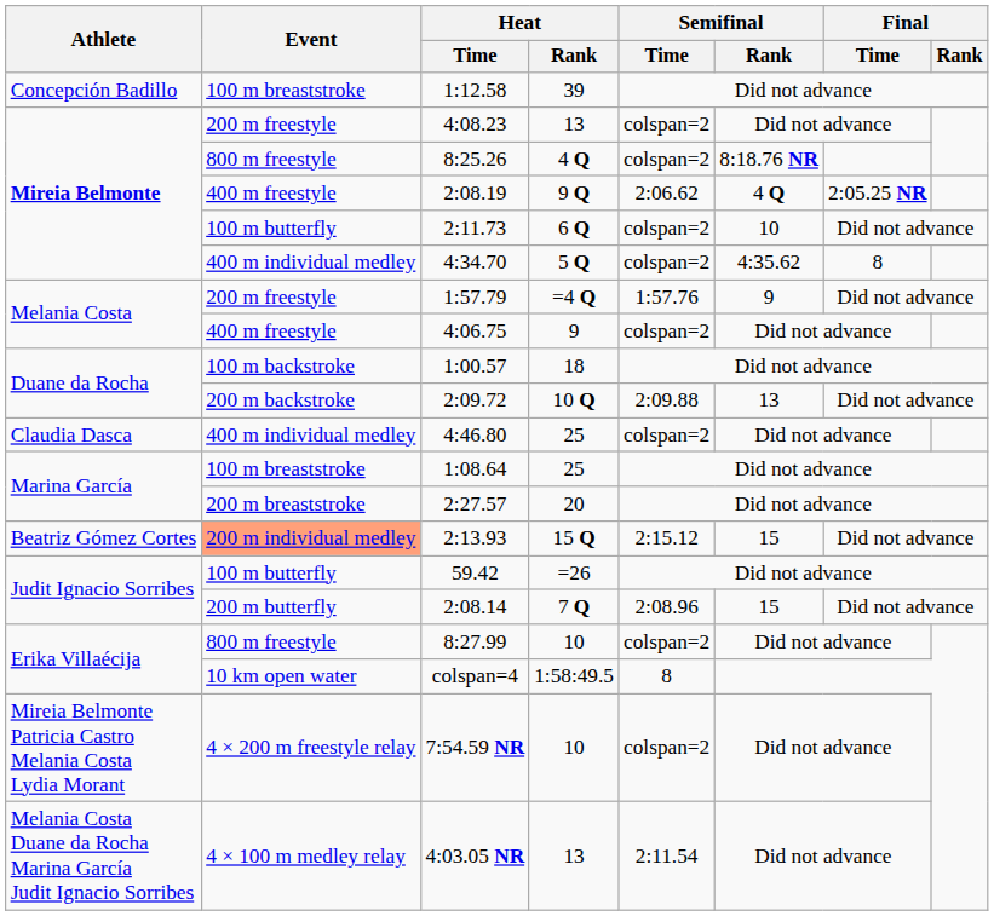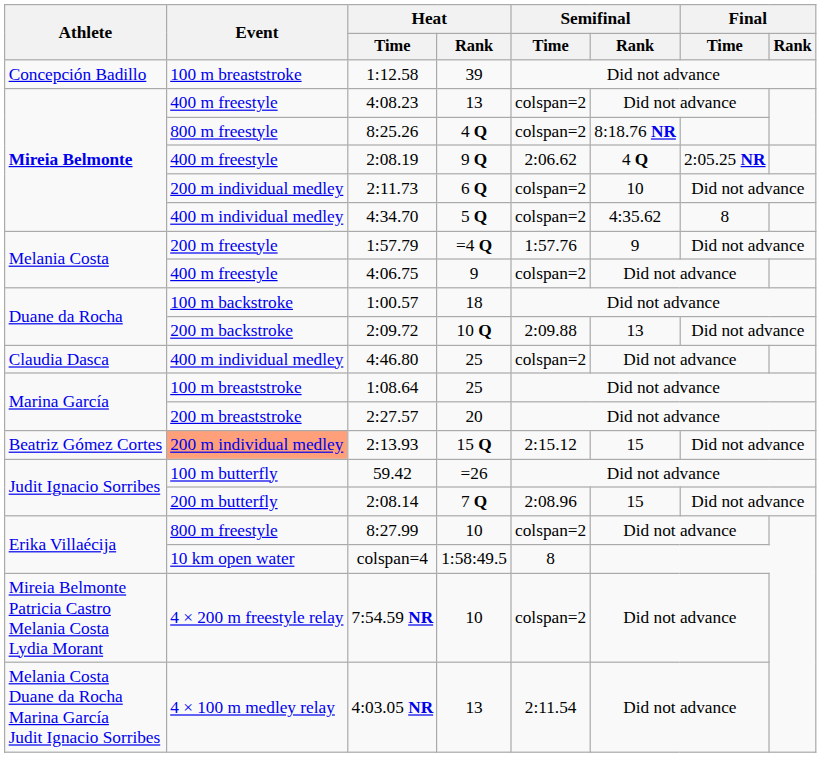 <table class=wikitable style="font-size:90%">
 <tr>
 <th rowspan="2">Athlete</th>
 <th rowspan="2">Event</th>
 <th colspan="2">Heat</th>
 <th colspan="2">Semifinal</th>
 <th colspan="2">Final</th>
 </tr>
 <tr style="font-size:95%">
 <th>Time</th>
 <th>Rank</th>
 <th>Time</th>
 <th>Rank</th>
 <th>Time</th>
 <th>Rank</th>
 </tr>
 <tr align=center>
 <td align=left><a href='#'>Concepción Badillo</a></td>
 <td align=left><a href='#'>100 m breaststroke</a></td>
 <td>1:12.58</td>
 <td>39</td>
 <td colspan=4>Did not advance</td>
 </tr>
 <tr align=center>
 <td align=left rowspan=5><strong><a href='#'>Mireia Belmonte</a></strong></td>
-<td align=left><a href='#'>200 m freestyle</a></td>
+<td align=left><a href='#'>400 m freestyle</a></td>
 <td>4:08.23</td>
 <td>13</td>
 <td>colspan=2 </td>
 <td colspan=2>Did not advance</td>
 </tr>
 <tr align=center>
 <td align=left><a href='#'>800 m freestyle</a></td>
 <td>8:25.26</td>
 <td>4 <strong>Q</strong></td>
 <td>colspan=2 </td>
 <td>8:18.76 <strong><a href='#'>NR</a></strong></td>
 <td></td>
 </tr>
 <tr align=center>
 <td align=left><a href='#'>400 m freestyle</a></td>
 <td>2:08.19</td>
 <td>9 <strong>Q</strong></td>
 <td>2:06.62</td>
 <td>4 <strong>Q</strong></td>
 <td>2:05.25 <strong><a href='#'>NR</a></strong></td>
 <td></td>
 </tr>
 <tr align=center>
-<td align=left><a href='#'>100 m butterfly</a></td>
+<td align=left><a href='#'>200 m individual medley</a></td>
 <td>2:11.73</td>
 <td>6 <strong>Q</strong></td>
 <td>colspan=2 </td>
 <td>10</td>
 <td colspan=2>Did not advance</td>
 </tr>
 <tr align=center>
 <td align=left><a href='#'>400 m individual medley</a></td>
 <td>4:34.70</td>
 <td>5 <strong>Q</strong></td>
 <td>colspan=2 </td>
 <td>4:35.62</td>
 <td>8</td>
 </tr>
 <tr align=center>
 <td align=left rowspan=2><a href='#'>Melania Costa</a></td>
 <td align=left><a href='#'>200 m freestyle</a></td>
 <td>1:57.79</td>
 <td>=4 <strong>Q</strong></td>
 <td>1:57.76</td>
 <td>9</td>
 <td colspan=2>Did not advance</td>
 </tr>
 <tr align=center>
 <td align=left><a href='#'>400 m freestyle</a></td>
 <td>4:06.75</td>
 <td>9</td>
 <td>colspan=2 </td>
 <td colspan=2>Did not advance</td>
 </tr>
 <tr align=center>
 <td align=left rowspan=2><a href='#'>Duane da Rocha</a></td>
 <td align=left><a href='#'>100 m backstroke</a></td>
 <td>1:00.57</td>
 <td>18</td>
 <td colspan=4>Did not advance</td>
 </tr>
 <tr align=center>
 <td align=left><a href='#'>200 m backstroke</a></td>
 <td>2:09.72</td>
 <td>10 <strong>Q</strong></td>
 <td>2:09.88</td>
 <td>13</td>
 <td colspan=2>Did not advance</td>
 </tr>
 <tr align=center>
 <td align=left><a href='#'>Claudia Dasca</a></td>
 <td align=left><a href='#'>400 m individual medley</a></td>
 <td>4:46.80</td>
 <td>25</td>
 <td>colspan=2 </td>
 <td colspan=2>Did not advance</td>
 </tr>
 <tr align=center>
 <td align=left rowspan=2><a href='#'>Marina García</a></td>
 <td align=left><a href='#'>100 m breaststroke</a></td>
 <td>1:08.64</td>
 <td>25</td>
 <td colspan=4>Did not advance</td>
 </tr>
 <tr align=center>
 <td align=left><a href='#'>200 m breaststroke</a></td>
 <td>2:27.57</td>
 <td>20</td>
 <td colspan=4>Did not advance</td>
 </tr>
 <tr align=center>
 <td align=left><a href='#'>Beatriz Gómez Cortes</a></td>
 <td align=left style="background: lightsalmon;"><a href='#'>200 m individual medley</a></td>
 <td>2:13.93</td>
 <td>15 <strong>Q</strong></td>
 <td>2:15.12</td>
 <td>15</td>
 <td colspan=2>Did not advance</td>
 </tr>
 <tr align=center>
 <td align=left rowspan=2><a href='#'>Judit Ignacio Sorribes</a></td>
 <td align=left><a href='#'>100 m butterfly</a></td>
 <td>59.42</td>
 <td>=26</td>
 <td colspan=4>Did not advance</td>
 </tr>
 <tr align=center>
 <td align=left><a href='#'>200 m butterfly</a></td>
 <td>2:08.14</td>
 <td>7 <strong>Q</strong></td>
 <td>2:08.96</td>
 <td>15</td>
 <td colspan=2>Did not advance</td>
 </tr>
 <tr align=center>
 <td align=left rowspan=2><a href='#'>Erika Villaécija</a></td>
 <td align=left><a href='#'>800 m freestyle</a></td>
 <td>8:27.99</td>
 <td>10</td>
 <td>colspan=2 </td>
 <td colspan=2>Did not advance</td>
 </tr>
 <tr align=center>
 <td align=left><a href='#'>10 km open water</a></td>
 <td>colspan=4 </td>
 <td>1:58:49.5</td>
 <td>8</td>
 </tr>
 <tr align=center>
 <td align=left><a href='#'>Mireia Belmonte</a><br><a href='#'>Patricia Castro</a><br><a href='#'>Melania Costa</a><br><a href='#'>Lydia Morant</a></td>
 <td align=left><a href='#'>4 × 200 m freestyle relay</a></td>
 <td>7:54.59 <strong><a href='#'>NR</a></strong></td>
 <td>10</td>
 <td>colspan=2 </td>
 <td colspan=2>Did not advance</td>
 </tr>
 <tr align=center>
 <td align=left><a href='#'>Melania Costa</a><br><a href='#'>Duane da Rocha</a><br><a href='#'>Marina García</a><br><a href='#'>Judit Ignacio Sorribes</a></td>
 <td align=left><a href='#'>4 × 100 m medley relay</a></td>
 <td>4:03.05 <strong><a href='#'>NR</a></strong></td>
 <td>13</td>
 <td>2:11.54</td>
 <td colspan=2>Did not advance</td>
 </tr>
 </table>
